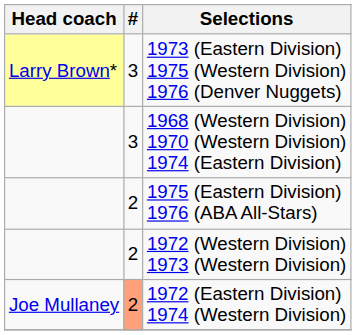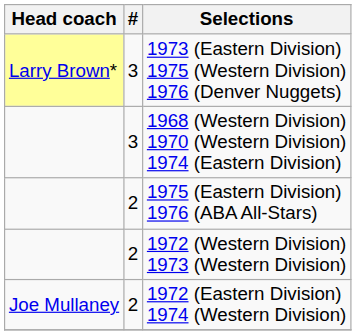 <table class="wikitable sortable">
 <tr>
 <th>Head coach</th>
 <th>#</th>
 <th>Selections</th>
 </tr>
 <tr>
 <td bgcolor="#FFFF99"><a href='#'>Larry Brown</a>*</td>
 <td>3</td>
 <td><a href='#'>1973</a> (Eastern Division)<br><a href='#'>1975</a> (Western Division)<br><a href='#'>1976</a> (Denver Nuggets)</td>
 </tr>
 <tr>
 <td></td>
 <td>3</td>
 <td><a href='#'>1968</a> (Western Division)<br><a href='#'>1970</a> (Western Division)<br><a href='#'>1974</a> (Eastern Division)</td>
 </tr>
 <tr>
 <td></td>
 <td>2</td>
 <td><a href='#'>1975</a> (Eastern Division)<br><a href='#'>1976</a> (ABA All-Stars)</td>
 </tr>
 <tr>
 <td></td>
 <td>2</td>
 <td><a href='#'>1972</a> (Western Division)<br><a href='#'>1973</a> (Western Division)</td>
 </tr>
 <tr>
 <td><a href='#'>Joe Mullaney</a></td>
-<td style="background: lightsalmon;">2</td>
+<td>2</td>
 <td><a href='#'>1972</a> (Eastern Division)<br><a href='#'>1974</a> (Western Division)</td>
 </tr>
 <tr>
 </tr>
 </table>
